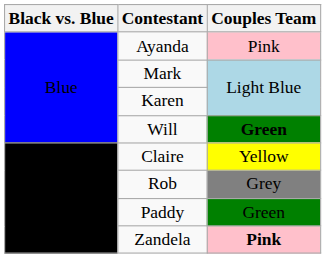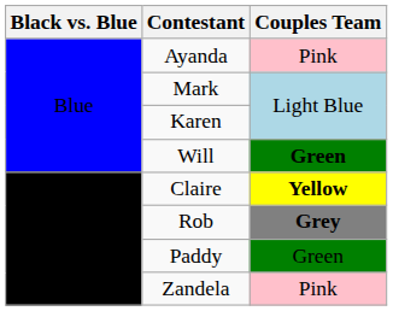 <table class="wikitable" style="text-align:center" align="center">
 <tr>
 <th>Black vs. Blue</th>
 <th>Contestant</th>
 <th>Couples Team</th>
 </tr>
 <tr>
 <td Rowspan=4 bgcolor="Blue"><span>Blue</span></td>
 <td>Ayanda</td>
 <td bgcolor="pink">Pink</td>
 </tr>
 <tr>
 <td>Mark</td>
 <td rowspan=2 bgcolor="lightblue">Light Blue</td>
 </tr>
 <tr>
 <td>Karen</td>
 </tr>
 <tr>
 <td>Will</td>
 <td bgcolor="green"><strong><span>Green</span></strong></td>
 </tr>
 <tr>
 <td Rowspan=4 bgcolor="Black"><span>Black</span></td>
 <td>Claire</td>
-<td bgcolor="yellow">Yellow</td>
+<td bgcolor="yellow"><strong>Yellow</strong></td>
 </tr>
 <tr>
 <td>Rob</td>
-<td bgcolor="grey">Grey</td>
+<td bgcolor="grey"><strong>Grey</strong></td>
 </tr>
 <tr>
 <td>Paddy</td>
 <td bgcolor="green"><span>Green</span></td>
 </tr>
 <tr>
 <td>Zandela</td>
-<td bgcolor="pink"><strong>Pink</strong></td>
+<td bgcolor="pink">Pink</td>
 </tr>
 </table>
